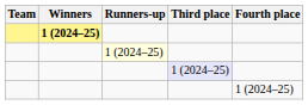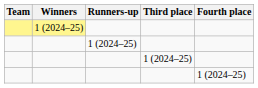 <table class="wikitable sortable">
 <tr>
 <th>Team</th>
 <th>Winners</th>
 <th>Runners-up</th>
 <th>Third place</th>
 <th>Fourth place</th>
 </tr>
 <tr>
 <td style=background:#FFF68F></td>
-<td style=background:#FFF68F><strong>1 (2024–25)</strong></td>
+<td style=background:#FFF68F>1 (2024–25)</td>
 <td></td>
 <td></td>
 </tr>
 <tr>
 <td></td>
 <td></td>
-<td style="background: lightyellow;">1 (2024–25)</td>
+<td>1 (2024–25)</td>
 <td></td>
 <td></td>
 </tr>
 <tr>
 <td></td>
 <td></td>
 <td></td>
-<td style="background: lavender;">1 (2024–25)</td>
+<td>1 (2024–25)</td>
 <td></td>
 </tr>
 <tr>
 <td></td>
 <td></td>
 <td></td>
 <td></td>
 <td>1 (2024–25)</td>
 </tr>
 </table>
